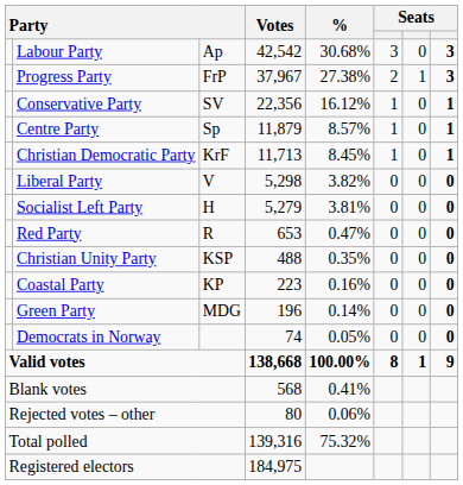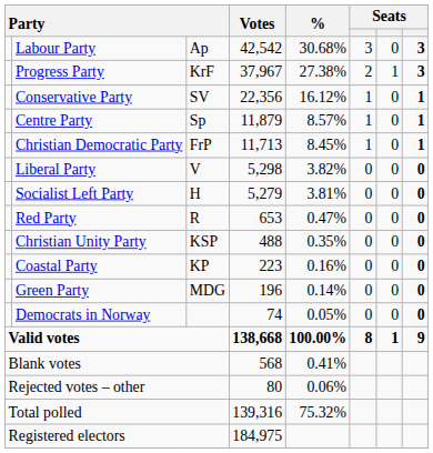 <table class="wikitable" border="1" style="text-align:right;">
 <tr>
 <th style="text-align:left;" valign=bottom rowspan=2 colspan=3>Party</th>
 <th align=center valign=bottom rowspan=2 width="50">Votes</th>
 <th align=center valign=bottom rowspan=2 width="50">%</th>
 <th colspan=3>Seats</th>
 </tr>
 <tr>
 <th align=center valign=bottom width="20"><small></small></th>
 <th align=center valign=bottom width="20"><small><a href='#'></a></small></th>
 <th align=center valign=bottom width="20"><small></small></th>
 </tr>
 <tr>
 <td style="color:inherit;background:"></td>
 <td align=left><a href='#'>Labour Party</a></td>
 <td align=left>Ap</td>
 <td>42,542</td>
 <td>30.68%</td>
 <td>3</td>
 <td>0</td>
 <td><strong>3</strong></td>
 </tr>
 <tr>
 <td style="color:inherit;background:"></td>
 <td align=left><a href='#'>Progress Party</a></td>
-<td align=left>FrP</td>
+<td align=left>KrF</td>
 <td>37,967</td>
 <td>27.38%</td>
 <td>2</td>
 <td>1</td>
 <td><strong>3</strong></td>
 </tr>
 <tr>
 <td style="color:inherit;background:"></td>
 <td align=left><a href='#'>Conservative Party</a></td>
 <td align=left>SV</td>
 <td>22,356</td>
 <td>16.12%</td>
 <td>1</td>
 <td>0</td>
 <td><strong>1</strong></td>
 </tr>
 <tr>
 <td style="color:inherit;background:"></td>
 <td align=left><a href='#'>Centre Party</a></td>
 <td align=left>Sp</td>
 <td>11,879</td>
 <td>8.57%</td>
 <td>1</td>
 <td>0</td>
 <td><strong>1</strong></td>
 </tr>
 <tr>
 <td style="color:inherit;background:"></td>
 <td align=left><a href='#'>Christian Democratic Party</a></td>
-<td align=left>KrF</td>
+<td align=left>FrP</td>
 <td>11,713</td>
 <td>8.45%</td>
 <td>1</td>
 <td>0</td>
 <td><strong>1</strong></td>
 </tr>
 <tr>
 <td style="color:inherit;background:"></td>
 <td align=left><a href='#'>Liberal Party</a></td>
 <td align=left>V</td>
 <td>5,298</td>
 <td>3.82%</td>
 <td>0</td>
 <td>0</td>
 <td><strong>0</strong></td>
 </tr>
 <tr>
 <td style="color:inherit;background:"></td>
 <td align=left><a href='#'>Socialist Left Party</a></td>
 <td align=left>H</td>
 <td>5,279</td>
 <td>3.81%</td>
 <td>0</td>
 <td>0</td>
 <td><strong>0</strong></td>
 </tr>
 <tr>
 <td style="color:inherit;background:"></td>
 <td align=left><a href='#'>Red Party</a></td>
 <td align=left>R</td>
 <td>653</td>
 <td>0.47%</td>
 <td>0</td>
 <td>0</td>
 <td><strong>0</strong></td>
 </tr>
 <tr>
 <td style="color:inherit;background:"></td>
 <td align=left><a href='#'>Christian Unity Party</a></td>
 <td align=left>KSP</td>
 <td>488</td>
 <td>0.35%</td>
 <td>0</td>
 <td>0</td>
 <td><strong>0</strong></td>
 </tr>
 <tr>
 <td style="color:inherit;background:"></td>
 <td align=left><a href='#'>Coastal Party</a></td>
 <td align=left>KP</td>
 <td>223</td>
 <td>0.16%</td>
 <td>0</td>
 <td>0</td>
 <td><strong>0</strong></td>
 </tr>
 <tr>
 <td style="color:inherit;background:"></td>
 <td align=left><a href='#'>Green Party</a></td>
 <td align=left>MDG</td>
 <td>196</td>
 <td>0.14%</td>
 <td>0</td>
 <td>0</td>
 <td><strong>0</strong></td>
 </tr>
 <tr>
 <td style="color:inherit;background:"></td>
 <td align=left><a href='#'>Democrats in Norway</a></td>
 <td align=left></td>
 <td>74</td>
 <td>0.05%</td>
 <td>0</td>
 <td>0</td>
 <td><strong>0</strong></td>
 </tr>
 <tr style="font-weight:bold">
 <td align=left colspan=3>Valid votes</td>
 <td>138,668</td>
 <td>100.00%</td>
 <td>8</td>
 <td>1</td>
 <td>9</td>
 </tr>
 <tr>
 <td align=left colspan=3>Blank votes</td>
 <td>568</td>
 <td>0.41%</td>
 <td></td>
 <td></td>
 <td></td>
 </tr>
 <tr>
 <td align=left colspan=3>Rejected votes – other</td>
 <td>80</td>
 <td>0.06%</td>
 <td></td>
 <td></td>
 <td></td>
 </tr>
 <tr>
 <td align=left colspan=3>Total polled</td>
 <td>139,316</td>
 <td>75.32%</td>
 <td></td>
 <td></td>
 <td></td>
 </tr>
 <tr>
 <td align=left colspan=3>Registered electors</td>
 <td>184,975</td>
 <td></td>
 <td></td>
 <td></td>
 <td></td>
 </tr>
 </table>
